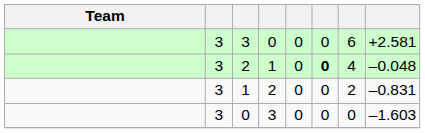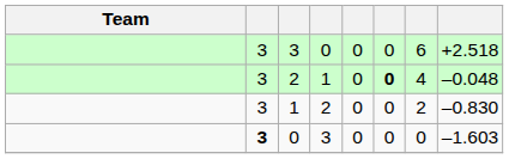 <table class="wikitable" style="text-align:center">
 <tr>
 <th width=200>Team</th>
 <th width=20></th>
 <th width=20></th>
 <th width=20></th>
 <th width=20></th>
 <th width=20></th>
 <th width=20></th>
 <th width=45></th>
 </tr>
 <tr style="background:#cfc;">
 <td align="left"></td>
 <td>3</td>
 <td>3</td>
 <td>0</td>
 <td>0</td>
 <td>0</td>
 <td>6</td>
-<td>+2.581</td>
+<td>+2.518</td>
 </tr>
 <tr style="background:#cfc;">
 <td align="left"></td>
 <td>3</td>
 <td>2</td>
 <td>1</td>
 <td>0</td>
 <td><strong>0</strong></td>
 <td>4</td>
 <td>–0.048</td>
 </tr>
 <tr>
 <td align="left"></td>
 <td>3</td>
 <td>1</td>
 <td>2</td>
 <td>0</td>
 <td>0</td>
 <td>2</td>
-<td>–0.831</td>
+<td>–0.830</td>
 </tr>
 <tr>
 <td align="left"></td>
-<td>3</td>
+<td><strong>3</strong></td>
 <td>0</td>
 <td>3</td>
 <td>0</td>
 <td>0</td>
 <td>0</td>
 <td>–1.603</td>
 </tr>
 <tr>
 </tr>
 </table>
